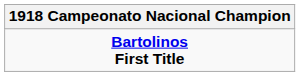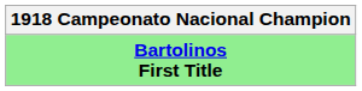 <table class="wikitable" style="text-align: center; margin: 0 auto;">
 <tr>
 <th>1918 Campeonato Nacional Champion</th>
 </tr>
 <tr>
-<td><strong><a href='#'>Bartolinos</a></strong><br><strong>First Title</strong></td>
+<td style="background: lightgreen;"><strong><a href='#'>Bartolinos</a></strong><br><strong>First Title</strong></td>
 </tr>
 </table>
